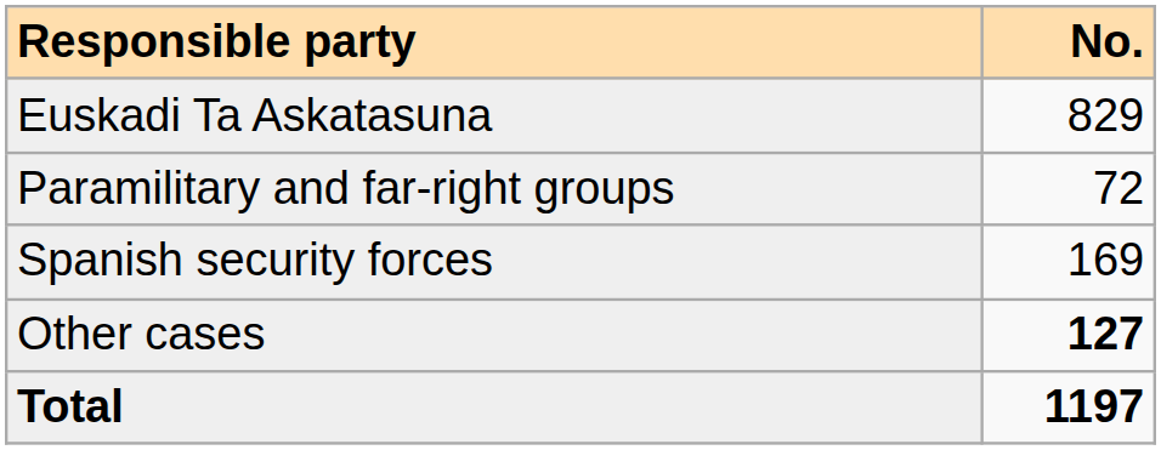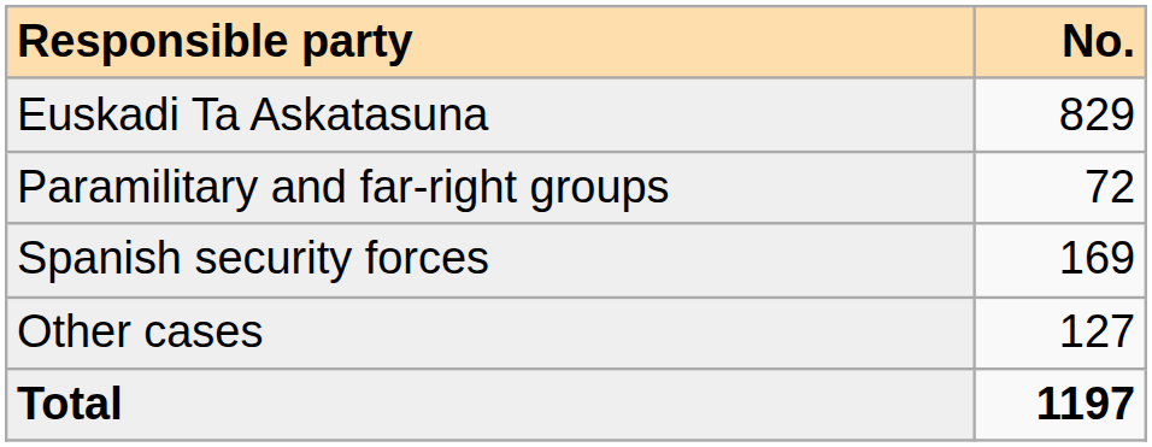 <table class="wikitable" style="width:400px;">
 <tr>
 <th style="background:#ffdead; text-align:left;">Responsible party</th>
 <th style="background:#ffdead; text-align:right;">No.</th>
 </tr>
 <tr>
 <td style="background:#efefef; text-align:left;">Euskadi Ta Askatasuna</td>
 <td style="text-align:right;">829</td>
 </tr>
 <tr>
 <td style="background:#efefef; text-align:left;">Paramilitary and far-right groups</td>
 <td style="text-align:right;">72</td>
 </tr>
 <tr>
 <td style="background:#efefef; text-align:left;">Spanish security forces</td>
 <td style="text-align:right;">169</td>
 </tr>
 <tr>
 <td style="background:#efefef; text-align:left;">Other cases</td>
-<td style="text-align:right;"><strong>127</strong></td>
+<td style="text-align:right;">127</td>
 </tr>
 <tr>
 <td style="background:#efefef; text-align:left;"><strong>Total</strong></td>
 <td style="text-align:right;"><strong>1197</strong></td>
 </tr>
 </table>
